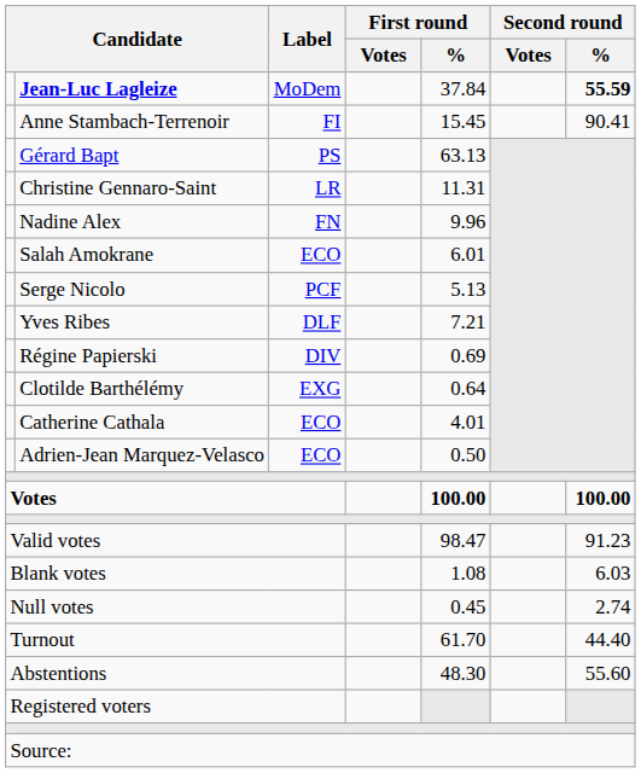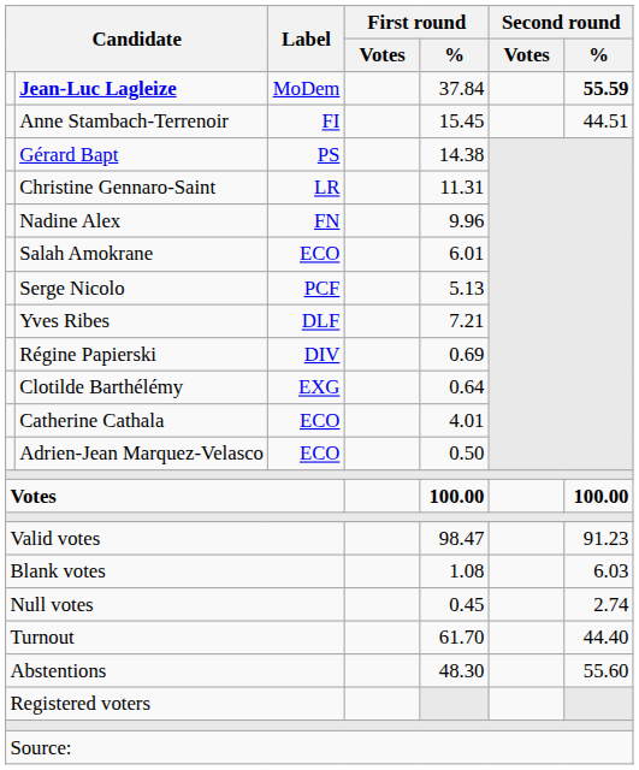 <table class="wikitable" style="text-align:right;font-size:95%;">
 <tr>
 <th rowspan="2" colspan="2">Candidate</th>
 <th rowspan="2">Label</th>
 <th colspan="2">First round</th>
 <th colspan="2">Second round</th>
 </tr>
 <tr>
 <th style="width:50px;">Votes</th>
 <th style="width:45px;">%</th>
 <th style="width:50px;">Votes</th>
 <th style="width:45px;">%</th>
 </tr>
 <tr>
 <td style="color:inherit;background:"></td>
 <td style="text-align:left;"><strong><a href='#'>Jean-Luc Lagleize</a></strong></td>
 <td><a href='#'>MoDem</a></td>
 <td></td>
 <td>37.84</td>
 <td><strong></strong></td>
 <td><strong>55.59</strong></td>
 </tr>
 <tr>
 <td style="color:inherit;background:"></td>
 <td style="text-align:left;">Anne Stambach-Terrenoir</td>
 <td><a href='#'>FI</a></td>
 <td></td>
 <td>15.45</td>
 <td></td>
-<td>90.41</td>
+<td>44.51</td>
 </tr>
 <tr>
 <td style="color:inherit;background:"></td>
 <td style="text-align:left;"><a href='#'>Gérard Bapt</a></td>
 <td><a href='#'>PS</a></td>
 <td></td>
-<td>63.13</td>
+<td>14.38</td>
 <td colspan="2" rowspan="10" style="background:#E9E9E9;"></td>
 </tr>
 <tr>
 <td style="color:inherit;background:"></td>
 <td style="text-align:left;">Christine Gennaro-Saint</td>
 <td><a href='#'>LR</a></td>
 <td></td>
 <td>11.31</td>
 </tr>
 <tr>
 <td style="color:inherit;background:"></td>
 <td style="text-align:left;">Nadine Alex</td>
 <td><a href='#'>FN</a></td>
 <td></td>
 <td>9.96</td>
 </tr>
 <tr>
 <td style="color:inherit;background:"></td>
 <td style="text-align:left;">Salah Amokrane</td>
 <td><a href='#'>ECO</a></td>
 <td></td>
 <td>6.01</td>
 </tr>
 <tr>
 <td style="color:inherit;background:"></td>
 <td style="text-align:left;">Serge Nicolo</td>
 <td><a href='#'>PCF</a></td>
 <td></td>
 <td>5.13</td>
 </tr>
 <tr>
 <td style="color:inherit;background:"></td>
 <td style="text-align:left;">Yves Ribes</td>
 <td><a href='#'>DLF</a></td>
 <td></td>
 <td>7.21</td>
 </tr>
 <tr>
 <td style="color:inherit;background:"></td>
 <td style="text-align:left;">Régine Papierski</td>
 <td><a href='#'>DIV</a></td>
 <td></td>
 <td>0.69</td>
 </tr>
 <tr>
 <td style="color:inherit;background:"></td>
 <td style="text-align:left;">Clotilde Barthélémy</td>
 <td><a href='#'>EXG</a></td>
 <td></td>
 <td>0.64</td>
 </tr>
 <tr>
 <td style="color:inherit;background:"></td>
 <td style="text-align:left;">Catherine Cathala</td>
 <td><a href='#'>ECO</a></td>
 <td></td>
 <td>4.01</td>
 </tr>
 <tr>
 <td style="color:inherit;background:"></td>
 <td style="text-align:left;">Adrien-Jean Marquez-Velasco</td>
 <td><a href='#'>ECO</a></td>
 <td></td>
 <td>0.50</td>
 </tr>
 <tr>
 <td colspan="7" style="background:#E9E9E9;"></td>
 </tr>
 <tr style="font-weight:bold;">
 <td colspan="3" style="text-align:left;">Votes</td>
 <td></td>
 <td>100.00</td>
 <td></td>
 <td>100.00</td>
 </tr>
 <tr>
 <td colspan="7" style="background:#E9E9E9;"></td>
 </tr>
 <tr>
 <td colspan="3" style="text-align:left;">Valid votes</td>
 <td></td>
 <td>98.47</td>
 <td></td>
 <td>91.23</td>
 </tr>
 <tr>
 <td colspan="3" style="text-align:left;">Blank votes</td>
 <td></td>
 <td>1.08</td>
 <td></td>
 <td>6.03</td>
 </tr>
 <tr>
 <td colspan="3" style="text-align:left;">Null votes</td>
 <td></td>
 <td>0.45</td>
 <td></td>
 <td>2.74</td>
 </tr>
 <tr>
 <td colspan="3" style="text-align:left;">Turnout</td>
 <td></td>
 <td>61.70</td>
 <td></td>
 <td>44.40</td>
 </tr>
 <tr>
 <td colspan="3" style="text-align:left;">Abstentions</td>
 <td></td>
 <td>48.30</td>
 <td></td>
 <td>55.60</td>
 </tr>
 <tr>
 <td colspan="3" style="text-align:left;">Registered voters</td>
 <td></td>
 <td style="color:inherit;background:#E9E9E9;"></td>
 <td></td>
 <td style="color:inherit;background:#E9E9E9;"></td>
 </tr>
 <tr>
 <td colspan="7" style="background:#E9E9E9;"></td>
 </tr>
 <tr>
 <td colspan="7" style="text-align:left;">Source: </td>
 </tr>
 </table>
